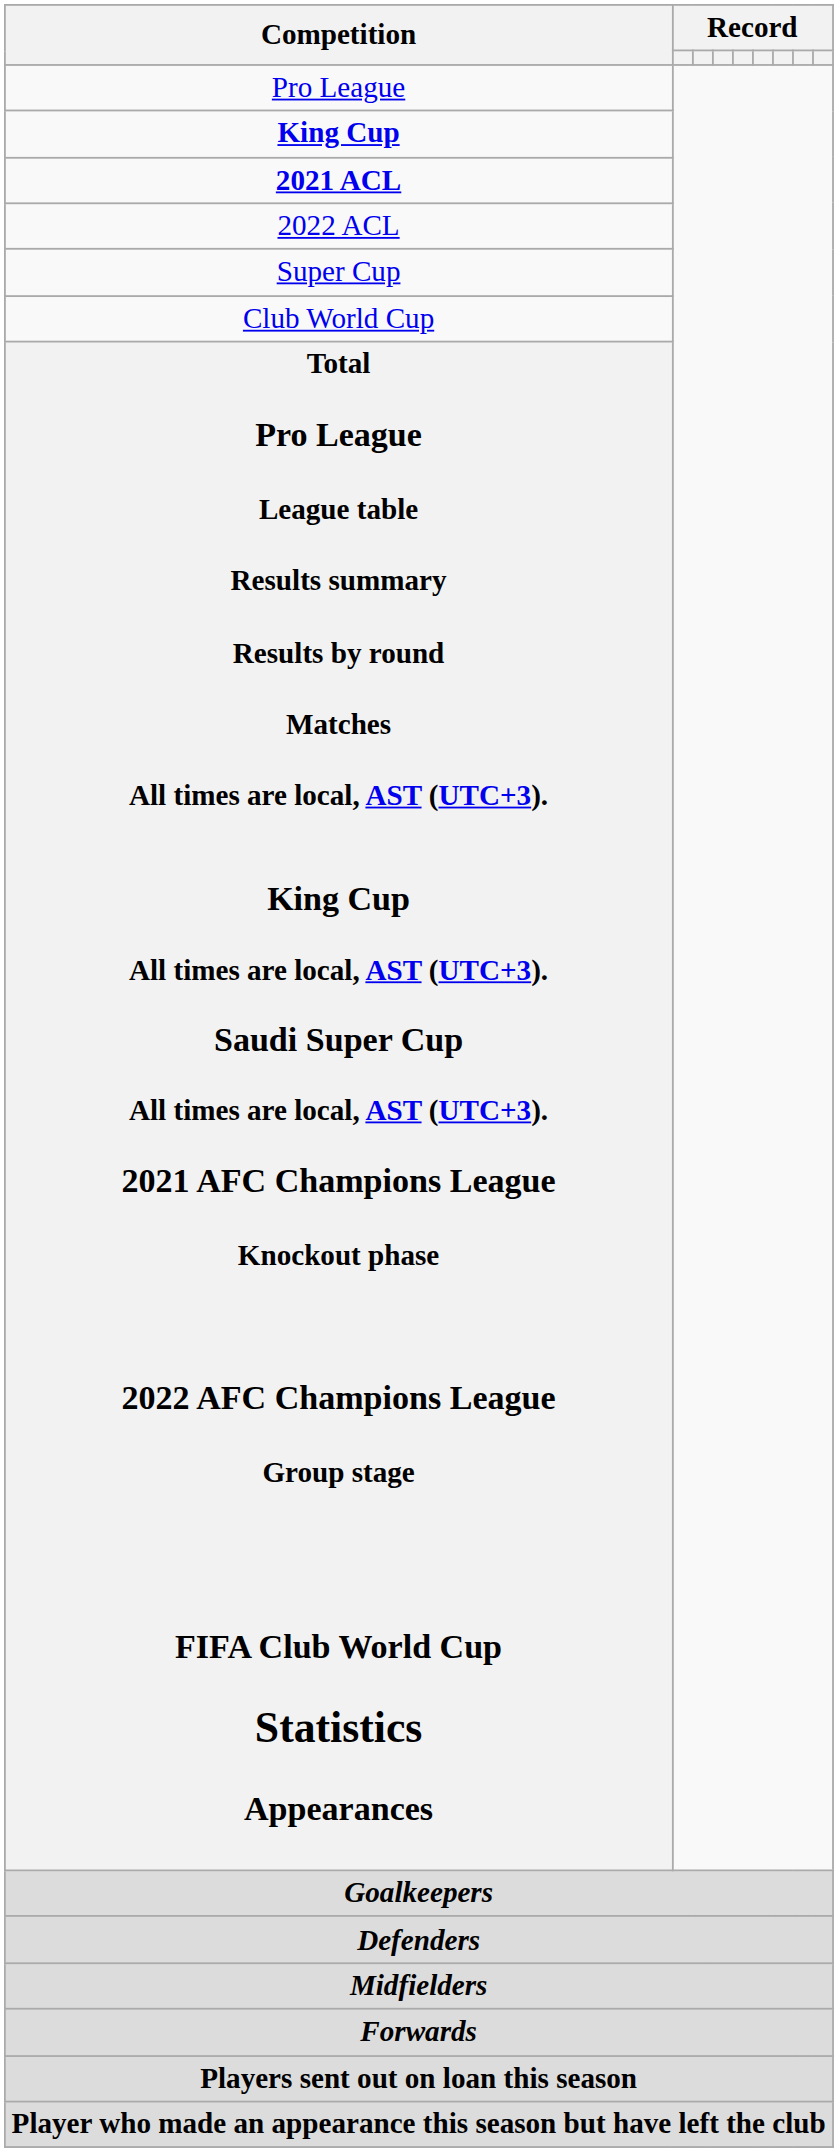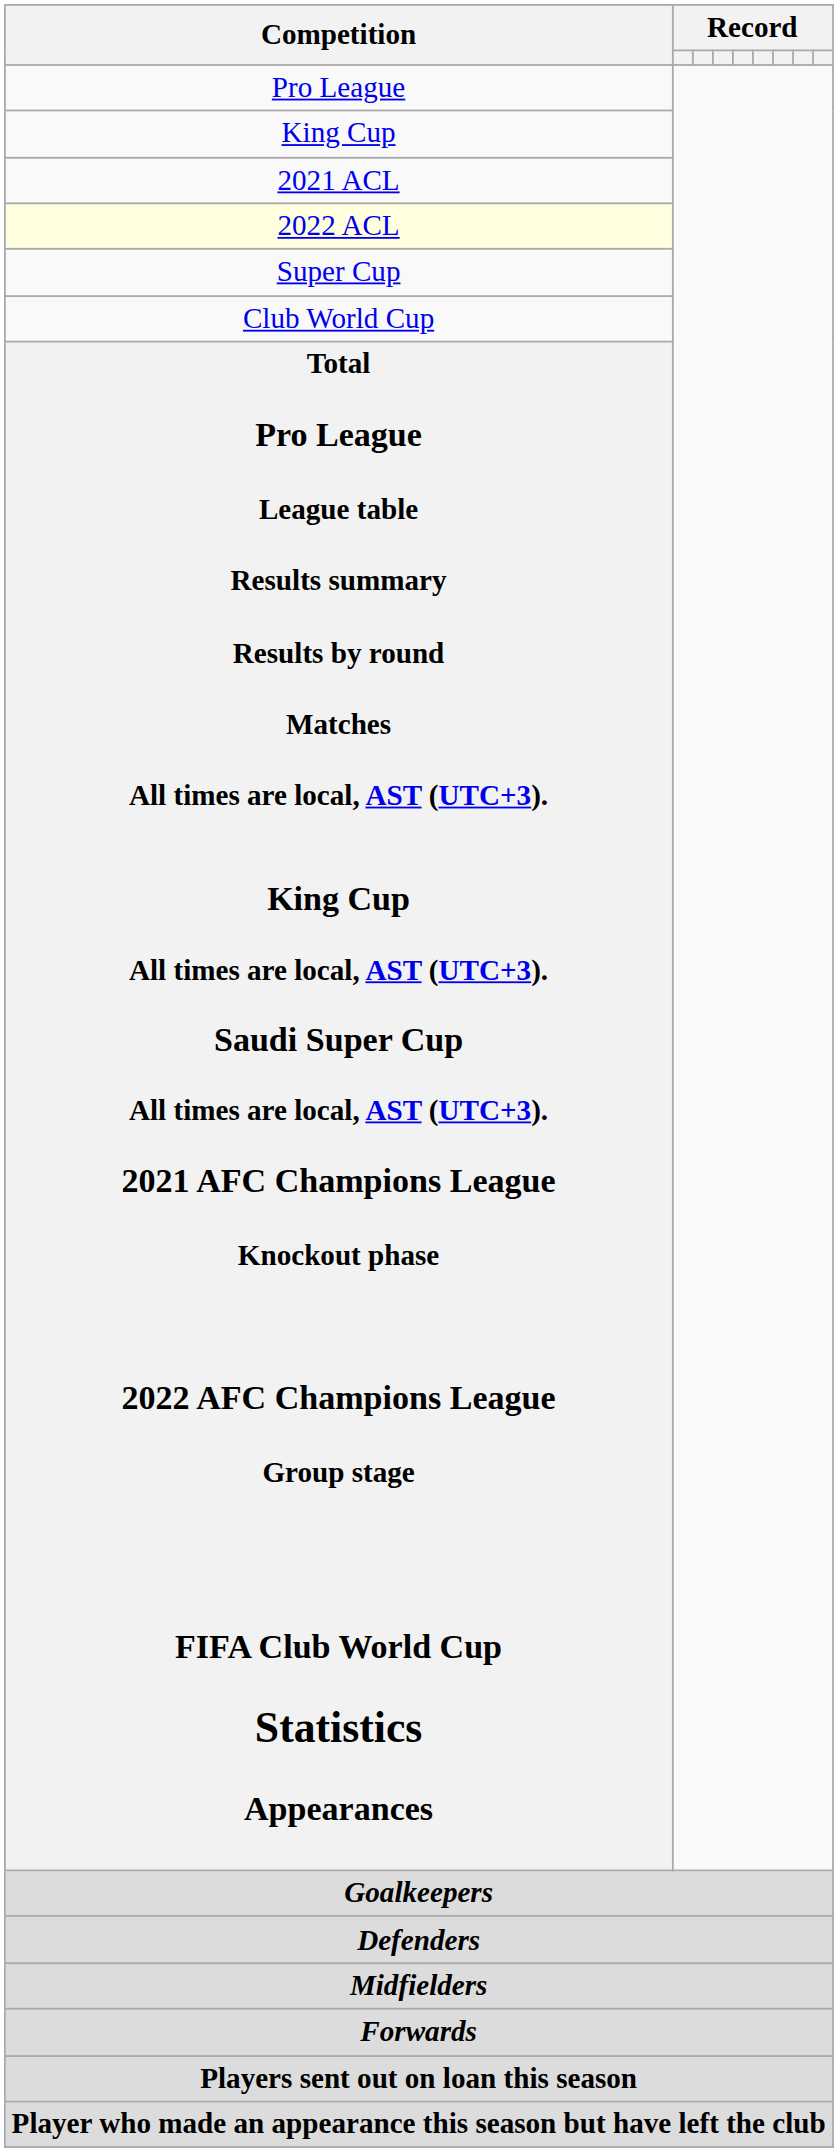 <table class="wikitable" style="text-align: center">
 <tr>
 <th rowspan=2>Competition</th>
 <th colspan=8>Record</th>
 </tr>
 <tr>
 <th></th>
 <th></th>
 <th></th>
 <th></th>
 <th></th>
 <th></th>
 <th></th>
 <th></th>
 </tr>
 <tr>
 <td><a href='#'>Pro League</a><br></td>
 </tr>
 <tr>
-<td><strong><a href='#'>King Cup</a><br></strong></td>
+<td><a href='#'>King Cup</a><br></td>
 </tr>
 <tr>
-<td><strong><a href='#'>2021 ACL</a><br></strong></td>
+<td><a href='#'>2021 ACL</a><br></td>
 </tr>
 <tr>
-<td><a href='#'>2022 ACL</a><br></td>
+<td style="background: lightyellow;"><a href='#'>2022 ACL</a><br></td>
 </tr>
 <tr>
 <td><a href='#'>Super Cup</a><br></td>
 </tr>
 <tr>
 <td><a href='#'>Club World Cup</a><br></td>
 </tr>
 <tr>
 <th>Total<br> <h3>Pro League</h3><h4>League table</h4><h4>Results summary</h4> <h4>Results by round</h4><h4>Matches</h4>All times are local, <a href='#'>AST</a> (<a href='#'>UTC+3</a>).<br>   <br>                             <h3>King Cup</h3> All times are local, <a href='#'>AST</a> (<a href='#'>UTC+3</a>).<br>   <h3>Saudi Super Cup</h3> All times are local, <a href='#'>AST</a> (<a href='#'>UTC+3</a>).<br><h3>2021 AFC Champions League</h3><h4>Knockout phase</h4><br>   <h3>2022 AFC Champions League</h3><h4>Group stage</h4><br><br>     <h3>FIFA Club World Cup</h3>   <h2>Statistics</h2><h3>Appearances</h3></th>
 </tr>
 <tr>
 <th colspan=20 style=background:#dcdcdc; text-align:center><em>Goalkeepers</em><br>  </th>
 </tr>
 <tr>
 <th colspan=20 style=background:#dcdcdc; text-align:center><em>Defenders</em><br>         </th>
 </tr>
 <tr>
 <th colspan=20 style=background:#dcdcdc; text-align:center><em>Midfielders</em><br>           </th>
 </tr>
 <tr>
 <th colspan=20 style=background:#dcdcdc; text-align:center><em>Forwards</em><br>    </th>
 </tr>
 <tr>
 <th colspan=20 style=background:#dcdcdc; text-align:center>Players sent out on loan this season<br>  </th>
 </tr>
 <tr>
 <th colspan=20 style=background:#dcdcdc; text-align:center>Player who made an appearance this season but have left the club<br>  </th>
 </tr>
 </table>
